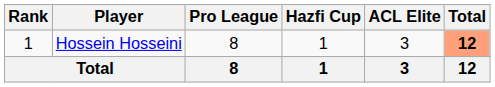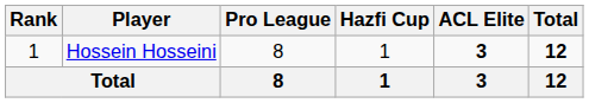 <table class="wikitable" style="text-align: center;">
 <tr>
 <th>Rank</th>
 <th>Player</th>
 <th>Pro League</th>
 <th>Hazfi Cup</th>
 <th>ACL Elite</th>
 <th>Total</th>
 </tr>
 <tr>
 <td>1</td>
 <td align=left> <a href='#'>Hossein Hosseini</a></td>
 <td>8</td>
 <td>1</td>
-<td>3</td>
-<td style="background: lightsalmon;"><strong>12</strong></td>
+<td><strong>3</strong></td>
+<td><strong>12</strong></td>
 </tr>
 <tr>
 <th colspan=2>Total</th>
 <th>8</th>
 <th>1</th>
 <th>3</th>
 <th>12</th>
 </tr>
 </table>
